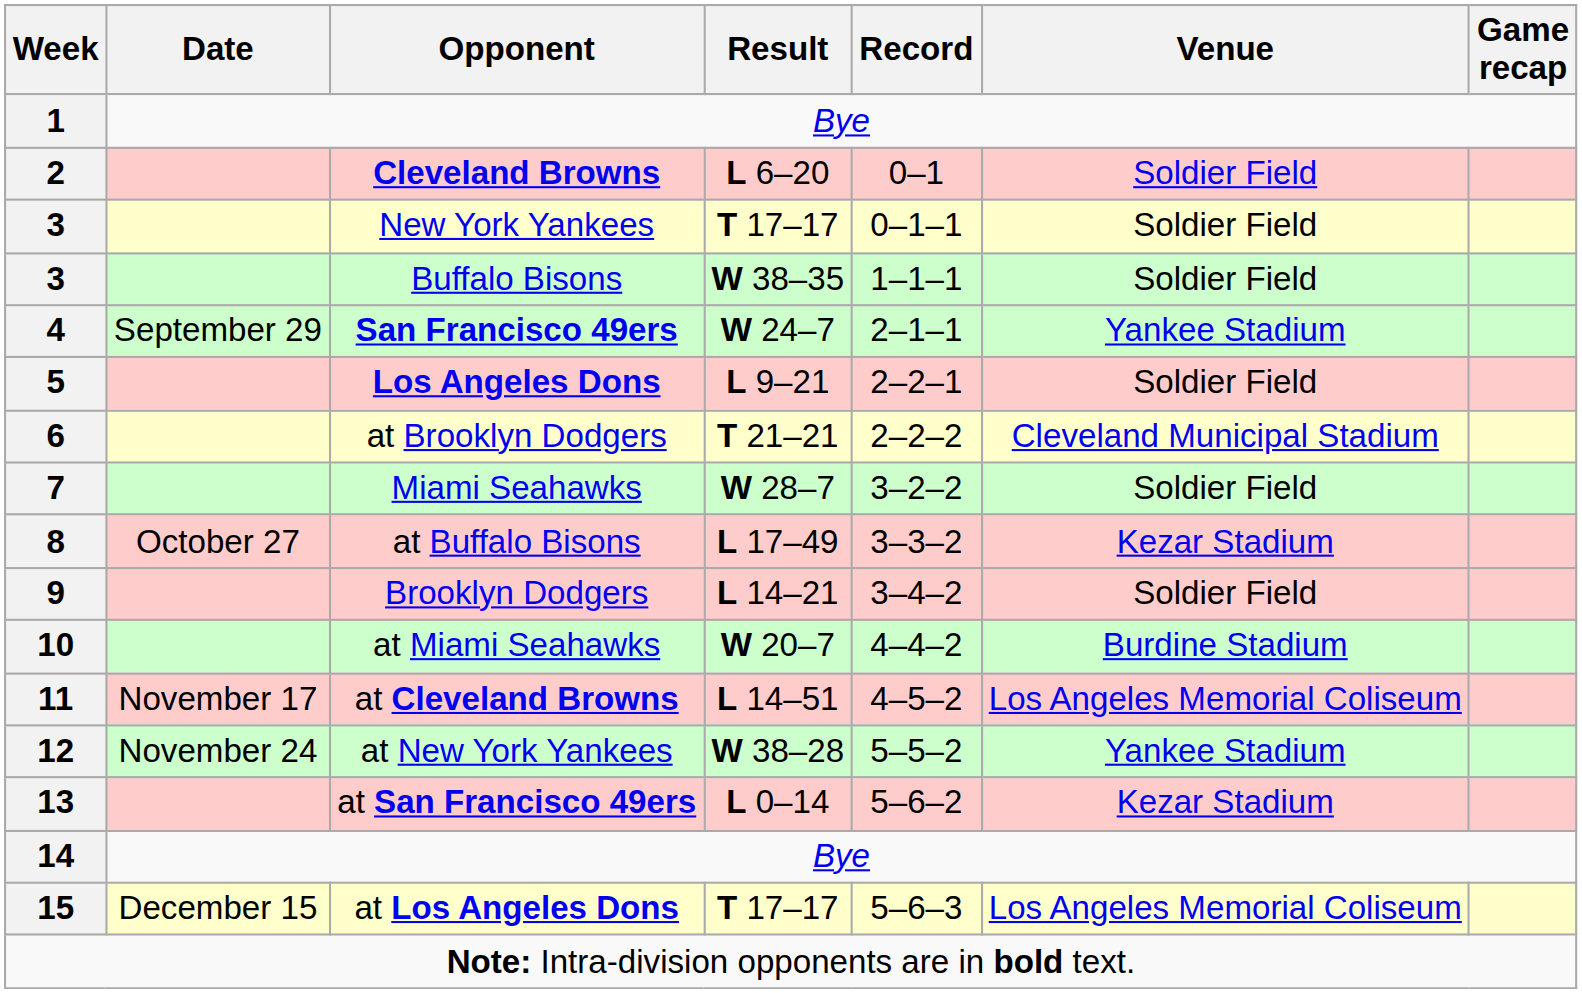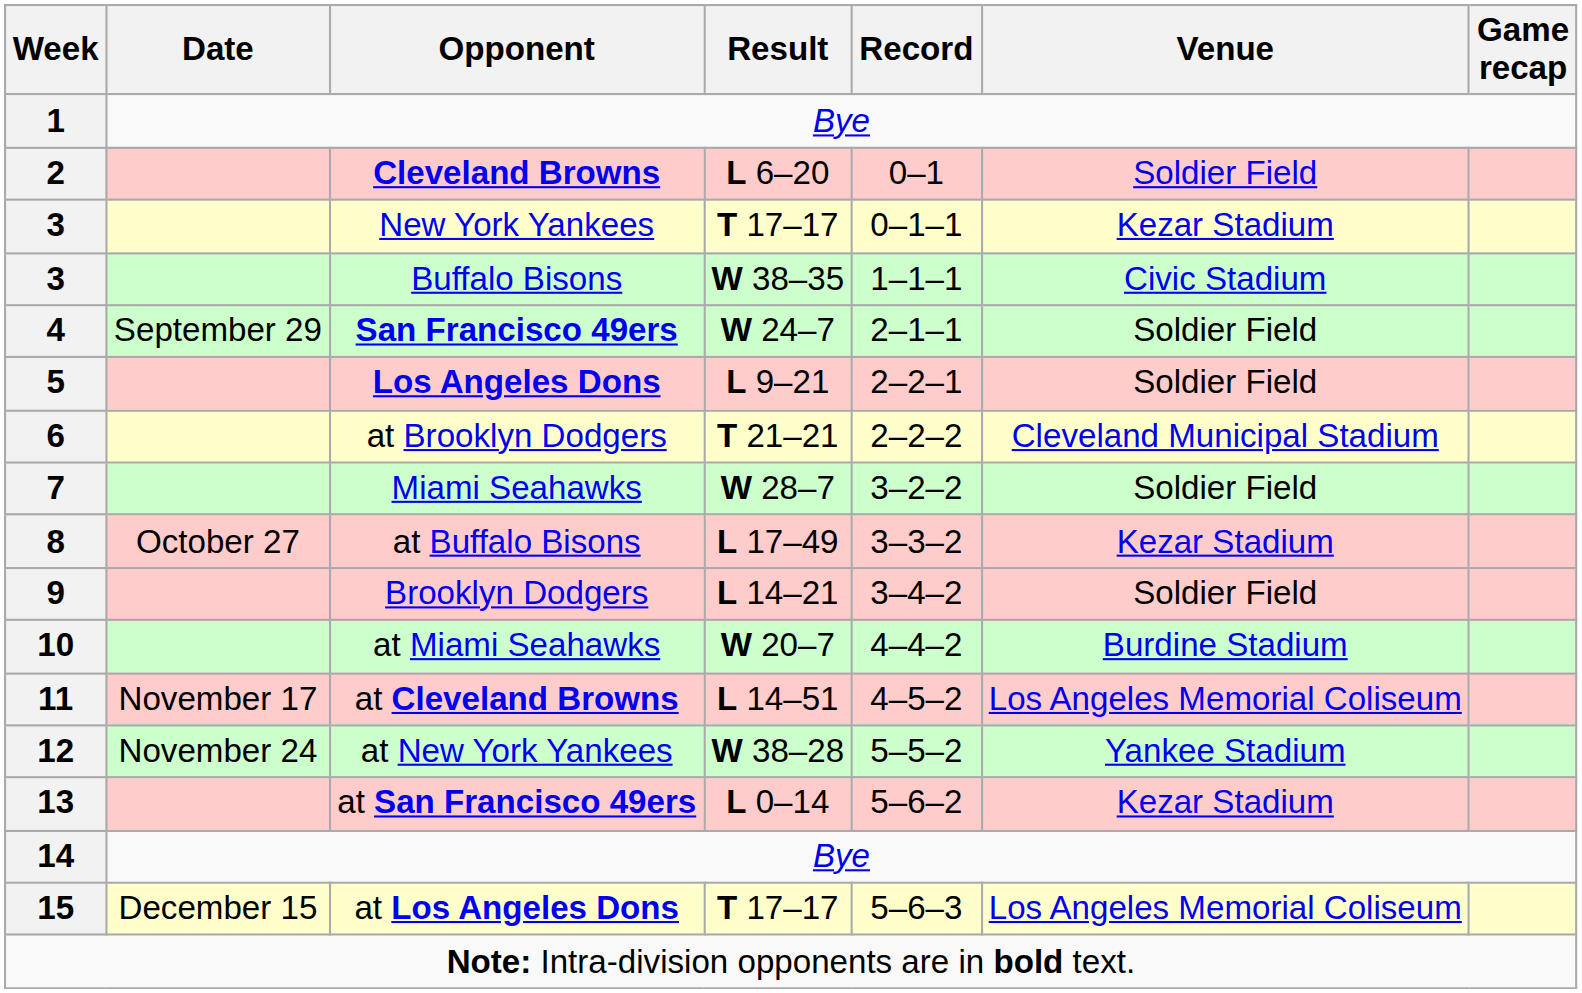 <table class="wikitable" style="text-align:center">
 <tr>
 <th>Week</th>
 <th>Date</th>
 <th>Opponent</th>
 <th>Result</th>
 <th>Record</th>
 <th>Venue</th>
 <th>Game<br>recap</th>
 </tr>
 <tr>
 <th>1</th>
 <td colspan="6"><em><a href='#'>Bye</a></em></td>
 </tr>
 <tr style="background:#fcc">
 <th>2</th>
 <td></td>
 <td><strong><a href='#'>Cleveland Browns</a></strong></td>
 <td><strong>L</strong> 6–20</td>
 <td>0–1</td>
 <td><a href='#'>Soldier Field</a></td>
 <td></td>
 </tr>
 <tr style="background:#ffc">
 <th>3</th>
 <td></td>
 <td><a href='#'>New York Yankees</a></td>
 <td><strong>T</strong> 17–17</td>
 <td>0–1–1</td>
-<td>Soldier Field</td>
+<td><a href='#'>Kezar Stadium</a></td>
 <td></td>
 </tr>
 <tr style="background:#cfc">
 <th>3</th>
 <td></td>
 <td><a href='#'>Buffalo Bisons</a></td>
 <td><strong>W</strong> 38–35</td>
 <td>1–1–1</td>
-<td>Soldier Field</td>
+<td><a href='#'>Civic Stadium</a></td>
 <td></td>
 </tr>
 <tr style="background:#cfc">
 <th>4</th>
 <td>September 29</td>
 <td><strong><a href='#'>San Francisco 49ers</a></strong></td>
 <td><strong>W</strong> 24–7</td>
 <td>2–1–1</td>
-<td><a href='#'>Yankee Stadium</a></td>
+<td>Soldier Field</td>
 <td></td>
 </tr>
 <tr style="background:#fcc">
 <th>5</th>
 <td></td>
 <td><strong><a href='#'>Los Angeles Dons</a></strong></td>
 <td><strong>L</strong> 9–21</td>
 <td>2–2–1</td>
 <td>Soldier Field</td>
 <td></td>
 </tr>
 <tr style="background:#ffc">
 <th>6</th>
 <td></td>
 <td>at <a href='#'>Brooklyn Dodgers</a></td>
 <td><strong>T</strong> 21–21</td>
 <td>2–2–2</td>
 <td><a href='#'>Cleveland Municipal Stadium</a></td>
 <td></td>
 </tr>
 <tr style="background:#cfc">
 <th>7</th>
 <td></td>
 <td><a href='#'>Miami Seahawks</a></td>
 <td><strong>W</strong> 28–7</td>
 <td>3–2–2</td>
 <td>Soldier Field</td>
 <td></td>
 </tr>
 <tr style="background:#fcc">
 <th>8</th>
 <td>October 27</td>
 <td>at <a href='#'>Buffalo Bisons</a></td>
 <td><strong>L</strong> 17–49</td>
 <td>3–3–2</td>
 <td><a href='#'>Kezar Stadium</a></td>
 <td></td>
 </tr>
 <tr style="background:#fcc">
 <th>9</th>
 <td></td>
 <td><a href='#'>Brooklyn Dodgers</a></td>
 <td><strong>L</strong> 14–21</td>
 <td>3–4–2</td>
 <td>Soldier Field</td>
 <td></td>
 </tr>
 <tr style="background:#cfc">
 <th>10</th>
 <td></td>
 <td>at <a href='#'>Miami Seahawks</a></td>
 <td><strong>W</strong> 20–7</td>
 <td>4–4–2</td>
 <td><a href='#'>Burdine Stadium</a></td>
 <td></td>
 </tr>
 <tr style="background:#fcc">
 <th>11</th>
 <td>November 17</td>
 <td>at <strong><a href='#'>Cleveland Browns</a></strong></td>
 <td><strong>L</strong> 14–51</td>
 <td>4–5–2</td>
 <td><a href='#'>Los Angeles Memorial Coliseum</a></td>
 <td></td>
 </tr>
 <tr style="background:#cfc">
 <th>12</th>
 <td>November 24</td>
 <td>at <a href='#'>New York Yankees</a></td>
 <td><strong>W</strong> 38–28</td>
 <td>5–5–2</td>
 <td><a href='#'>Yankee Stadium</a></td>
 <td></td>
 </tr>
 <tr style="background:#fcc">
 <th>13</th>
 <td></td>
 <td>at <strong><a href='#'>San Francisco 49ers</a></strong></td>
 <td><strong>L</strong> 0–14</td>
 <td>5–6–2</td>
 <td><a href='#'>Kezar Stadium</a></td>
 <td></td>
 </tr>
 <tr>
 <th>14</th>
 <td colspan="6"><em><a href='#'>Bye</a></em></td>
 </tr>
 <tr style="background:#ffc">
 <th>15</th>
 <td>December 15</td>
 <td>at <strong><a href='#'>Los Angeles Dons</a></strong></td>
 <td><strong>T</strong> 17–17</td>
 <td>5–6–3</td>
 <td><a href='#'>Los Angeles Memorial Coliseum</a></td>
 <td></td>
 </tr>
 <tr>
 <td colspan="8"><strong>Note:</strong> Intra-division opponents are in <strong>bold</strong> text.</td>
 </tr>
 </table>
